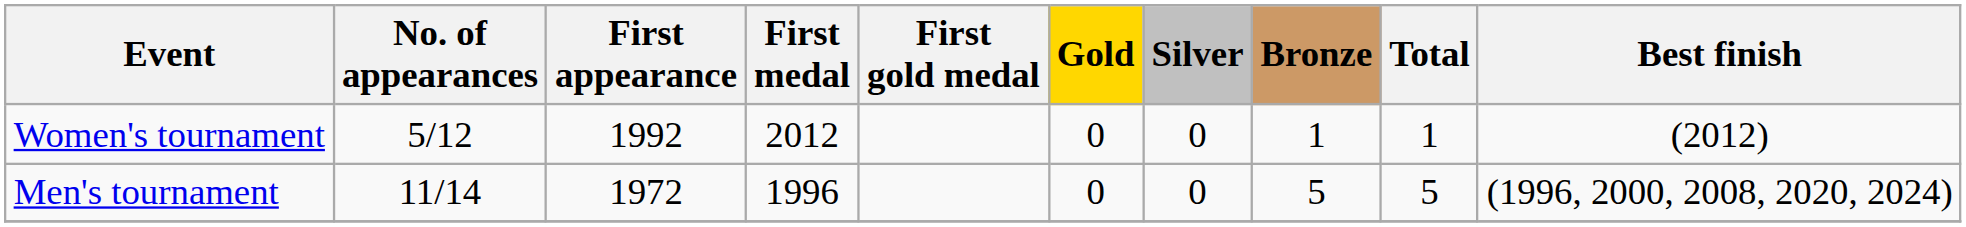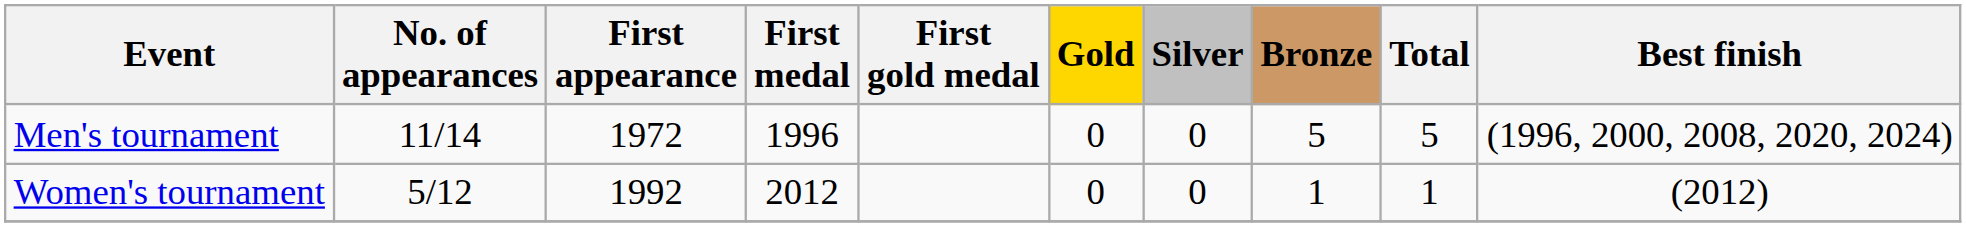 <table class="wikitable sortable" style="text-align:center">
 <tr>
 <th>Event</th>
 <th>No. of<br>appearances</th>
 <th>First<br>appearance</th>
 <th>First<br>medal</th>
 <th>First<br>gold medal</th>
 <th style="background-color:gold;">Gold</th>
 <th style="background-color:silver;">Silver</th>
 <th style="background-color:#c96;">Bronze</th>
 <th>Total</th>
 <th>Best finish</th>
 </tr>
 <tr>
+<td align=left><a href='#'>Men's tournament</a></td>
+<td>11/14</td>
+<td>1972</td>
+<td>1996</td>
+<td></td>
+<td>0</td>
+<td>0</td>
+<td>5</td>
+<td>5</td>
+<td> (1996, 2000, 2008, 2020, 2024)</td>
+</tr>
+<tr>
 <td align=left><a href='#'>Women's tournament</a></td>
 <td>5/12</td>
 <td>1992</td>
 <td>2012</td>
 <td></td>
 <td>0</td>
 <td>0</td>
 <td>1</td>
 <td>1</td>
 <td> (2012)</td>
 </tr>
 <tr>
-<td align=left><a href='#'>Men's tournament</a></td>
-<td>11/14</td>
-<td>1972</td>
-<td>1996</td>
-<td></td>
-<td>0</td>
-<td>0</td>
-<td>5</td>
-<td>5</td>
-<td> (1996, 2000, 2008, 2020, 2024)</td>
-</tr>
-<tr>
 </tr>
 </table>
